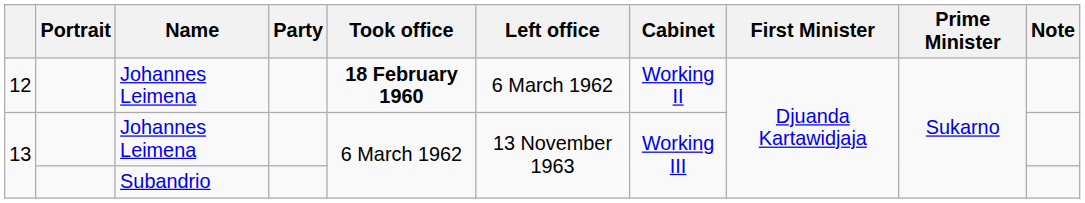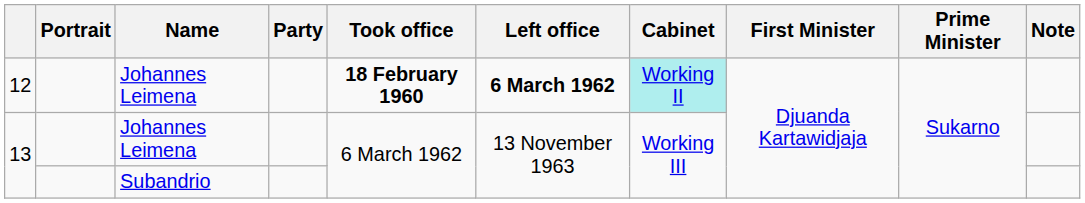 <table class="wikitable">
 <tr>
 <th></th>
 <th>Portrait</th>
 <th>Name</th>
 <th>Party</th>
 <th>Took office</th>
 <th>Left office</th>
 <th>Cabinet</th>
 <th>First Minister</th>
 <th>Prime Minister</th>
 <th>Note</th>
 </tr>
 <tr>
 <td align="center">12</td>
 <td></td>
 <td><a href='#'>Johannes Leimena</a></td>
 <td></td>
 <td align="center"><strong>18 February 1960</strong></td>
-<td align="center">6 March 1962</td>
-<td align="center"><a href='#'>Working II</a></td>
+<td align="center"><strong>6 March 1962</strong></td>
+<td align="center" style="background: paleturquoise;"><a href='#'>Working II</a></td>
 <td align="center" rowspan=3><a href='#'>Djuanda Kartawidjaja</a></td>
 <td align="center" rowspan=3><a href='#'>Sukarno</a></td>
 <td align="center"></td>
 </tr>
 <tr>
 <td align="center" rowspan=2>13</td>
 <td></td>
 <td><a href='#'>Johannes Leimena</a></td>
 <td></td>
 <td align="center" rowspan=2>6 March 1962</td>
 <td align="center" rowspan=2>13 November 1963</td>
 <td align="center" rowspan=2><a href='#'>Working III</a></td>
 <td></td>
 </tr>
 <tr>
 <td></td>
 <td><a href='#'>Subandrio</a></td>
 <td></td>
 </tr>
 </table>
